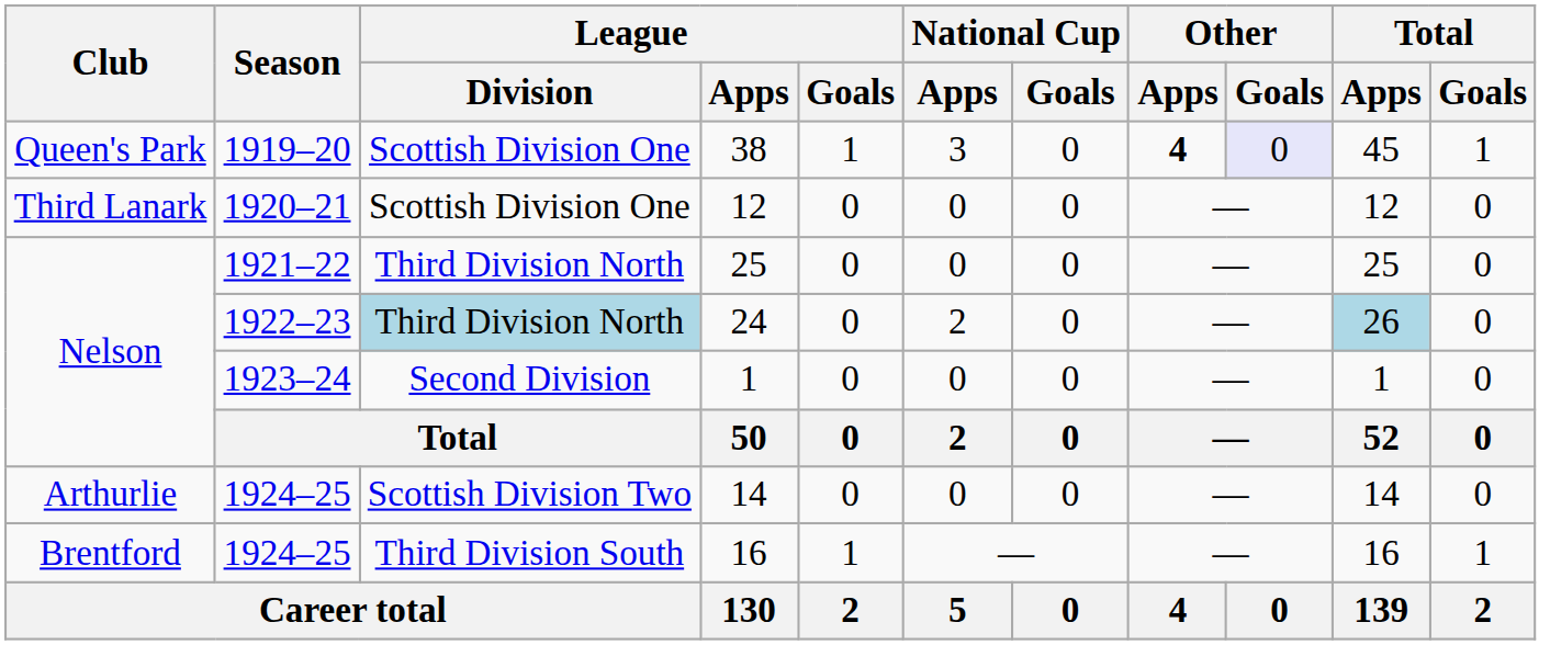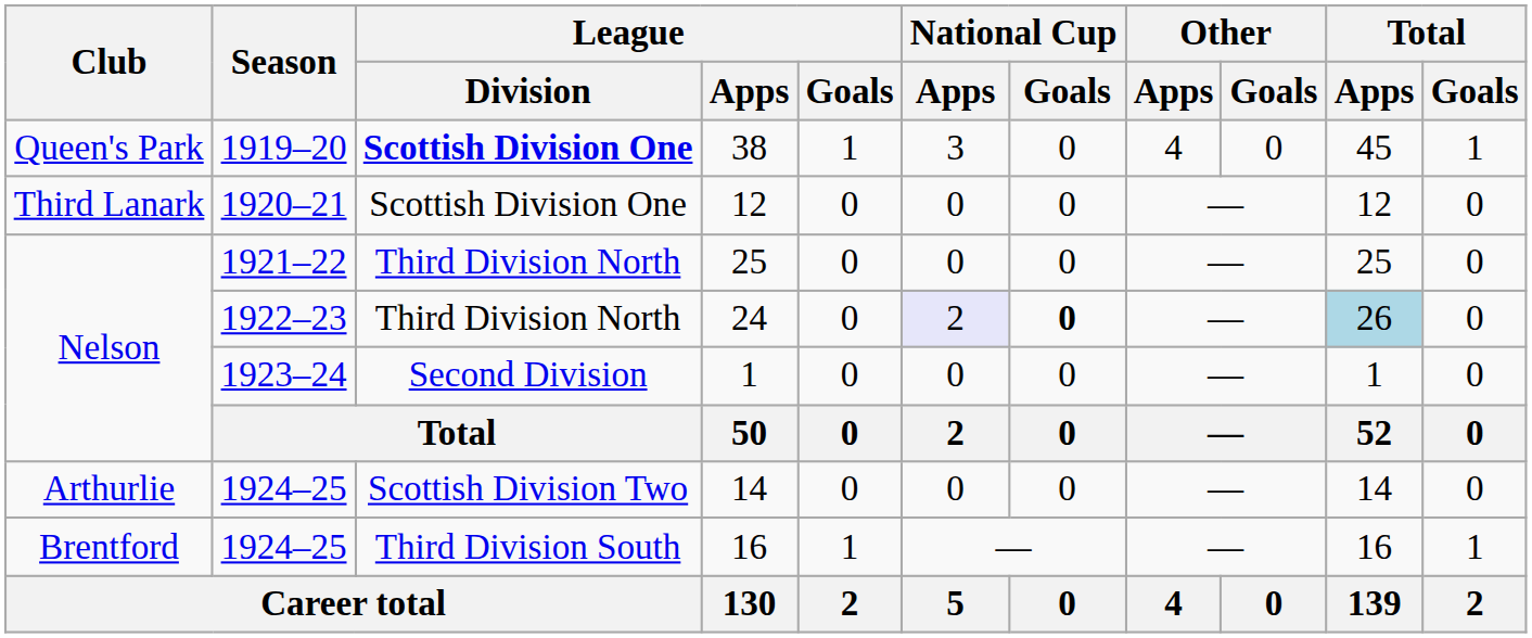 <table class="wikitable" style="text-align: center;">
 <tr>
 <th rowspan="2">Club</th>
 <th rowspan="2">Season</th>
 <th colspan="3">League</th>
 <th colspan="2">National Cup</th>
 <th colspan="2">Other</th>
 <th colspan="2">Total</th>
 </tr>
 <tr>
 <th>Division</th>
 <th>Apps</th>
 <th>Goals</th>
 <th>Apps</th>
 <th>Goals</th>
 <th>Apps</th>
 <th>Goals</th>
 <th>Apps</th>
 <th>Goals</th>
 </tr>
 <tr>
 <td><a href='#'>Queen's Park</a></td>
 <td><a href='#'>1919–20</a></td>
-<td><a href='#'>Scottish Division One</a></td>
+<td><strong><a href='#'>Scottish Division One</a></strong></td>
 <td>38</td>
 <td>1</td>
 <td>3</td>
 <td>0</td>
-<td><strong>4</strong></td>
-<td style="background: lavender;">0</td>
+<td>4</td>
+<td>0</td>
 <td>45</td>
 <td>1</td>
 </tr>
 <tr>
 <td><a href='#'>Third Lanark</a></td>
 <td><a href='#'>1920–21</a></td>
 <td>Scottish Division One</td>
 <td>12</td>
 <td>0</td>
 <td>0</td>
 <td>0</td>
 <td colspan="2">—</td>
 <td>12</td>
 <td>0</td>
 </tr>
 <tr>
 <td rowspan="4"><a href='#'>Nelson</a></td>
 <td><a href='#'>1921–22</a></td>
 <td><a href='#'>Third Division North</a></td>
 <td>25</td>
 <td>0</td>
 <td>0</td>
 <td>0</td>
 <td colspan="2">—</td>
 <td>25</td>
 <td>0</td>
 </tr>
 <tr>
 <td><a href='#'>1922–23</a></td>
-<td style="background: lightblue;">Third Division North</td>
+<td>Third Division North</td>
 <td>24</td>
 <td>0</td>
-<td>2</td>
-<td>0</td>
+<td style="background: lavender;">2</td>
+<td><strong>0</strong></td>
 <td colspan="2">—</td>
 <td style="background: lightblue;">26</td>
 <td>0</td>
 </tr>
 <tr>
 <td><a href='#'>1923–24</a></td>
 <td><a href='#'>Second Division</a></td>
 <td>1</td>
 <td>0</td>
 <td>0</td>
 <td>0</td>
 <td colspan="2">—</td>
 <td>1</td>
 <td>0</td>
 </tr>
 <tr>
 <th colspan="2">Total</th>
 <th>50</th>
 <th>0</th>
 <th>2</th>
 <th>0</th>
 <th colspan="2">—</th>
 <th>52</th>
 <th>0</th>
 </tr>
 <tr>
 <td><a href='#'>Arthurlie</a></td>
 <td><a href='#'>1924–25</a></td>
 <td><a href='#'>Scottish Division Two</a></td>
 <td>14</td>
 <td>0</td>
 <td>0</td>
 <td>0</td>
 <td colspan="2">—</td>
 <td>14</td>
 <td>0</td>
 </tr>
 <tr>
 <td><a href='#'>Brentford</a></td>
 <td><a href='#'>1924–25</a></td>
 <td><a href='#'>Third Division South</a></td>
 <td>16</td>
 <td>1</td>
 <td colspan="2">—</td>
 <td colspan="2">—</td>
 <td>16</td>
 <td>1</td>
 </tr>
 <tr>
 <th colspan="3">Career total</th>
 <th>130</th>
 <th>2</th>
 <th>5</th>
 <th>0</th>
 <th>4</th>
 <th>0</th>
 <th>139</th>
 <th>2</th>
 </tr>
 </table>
